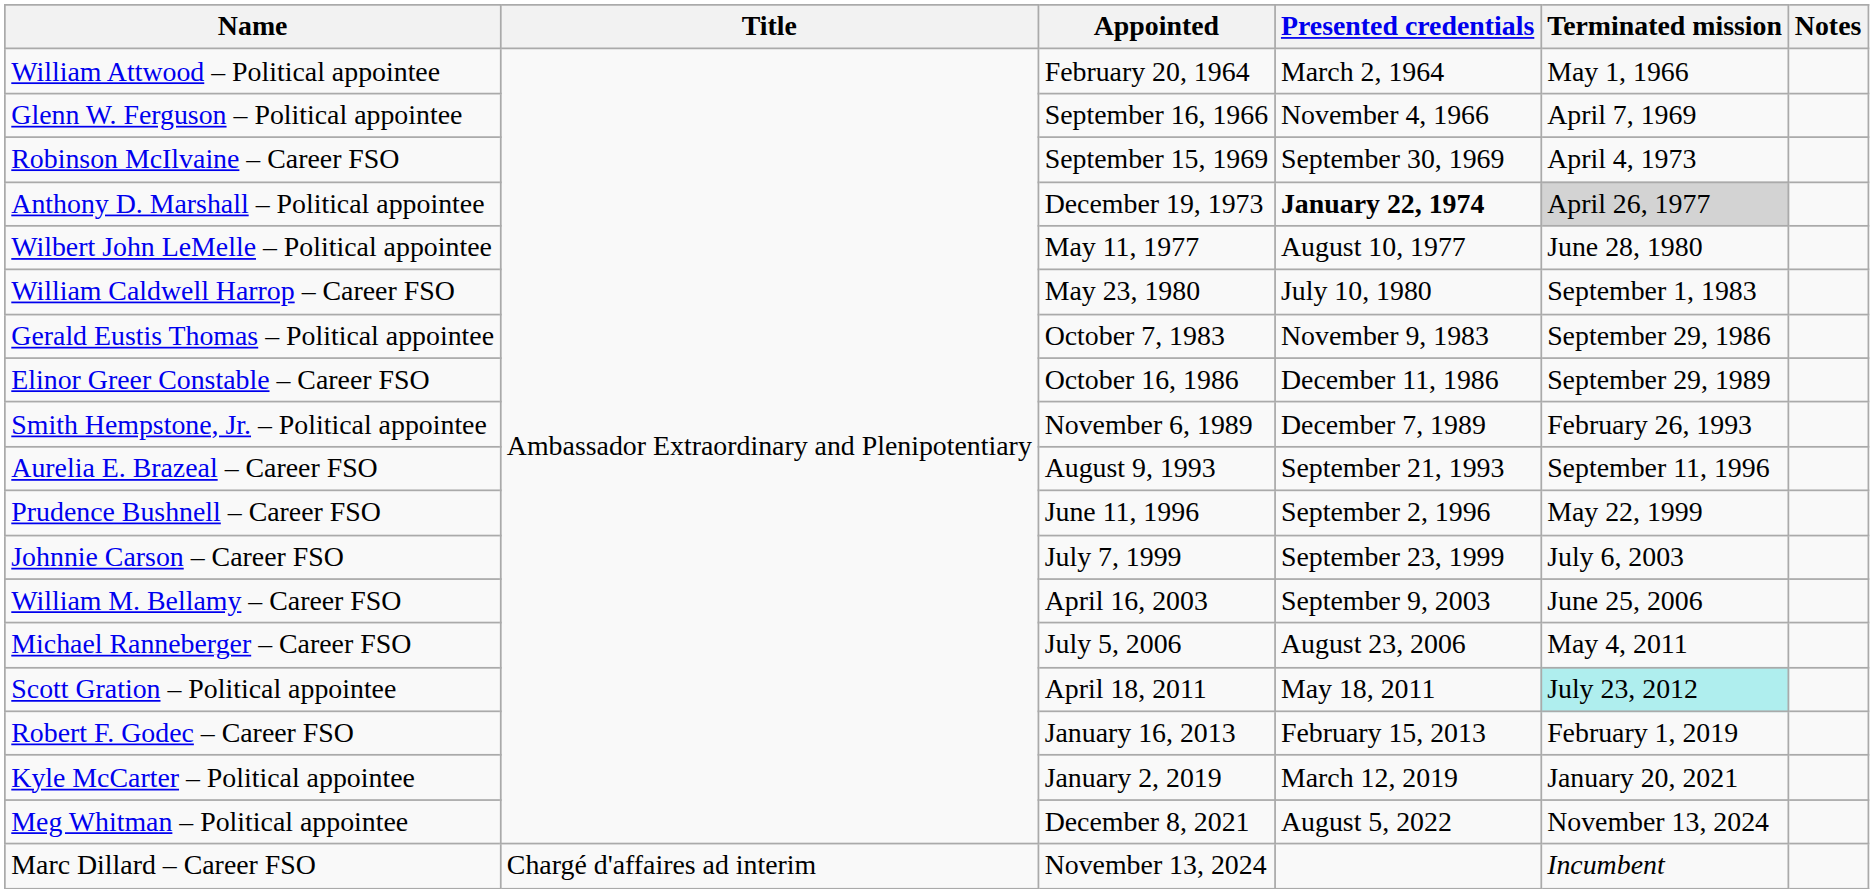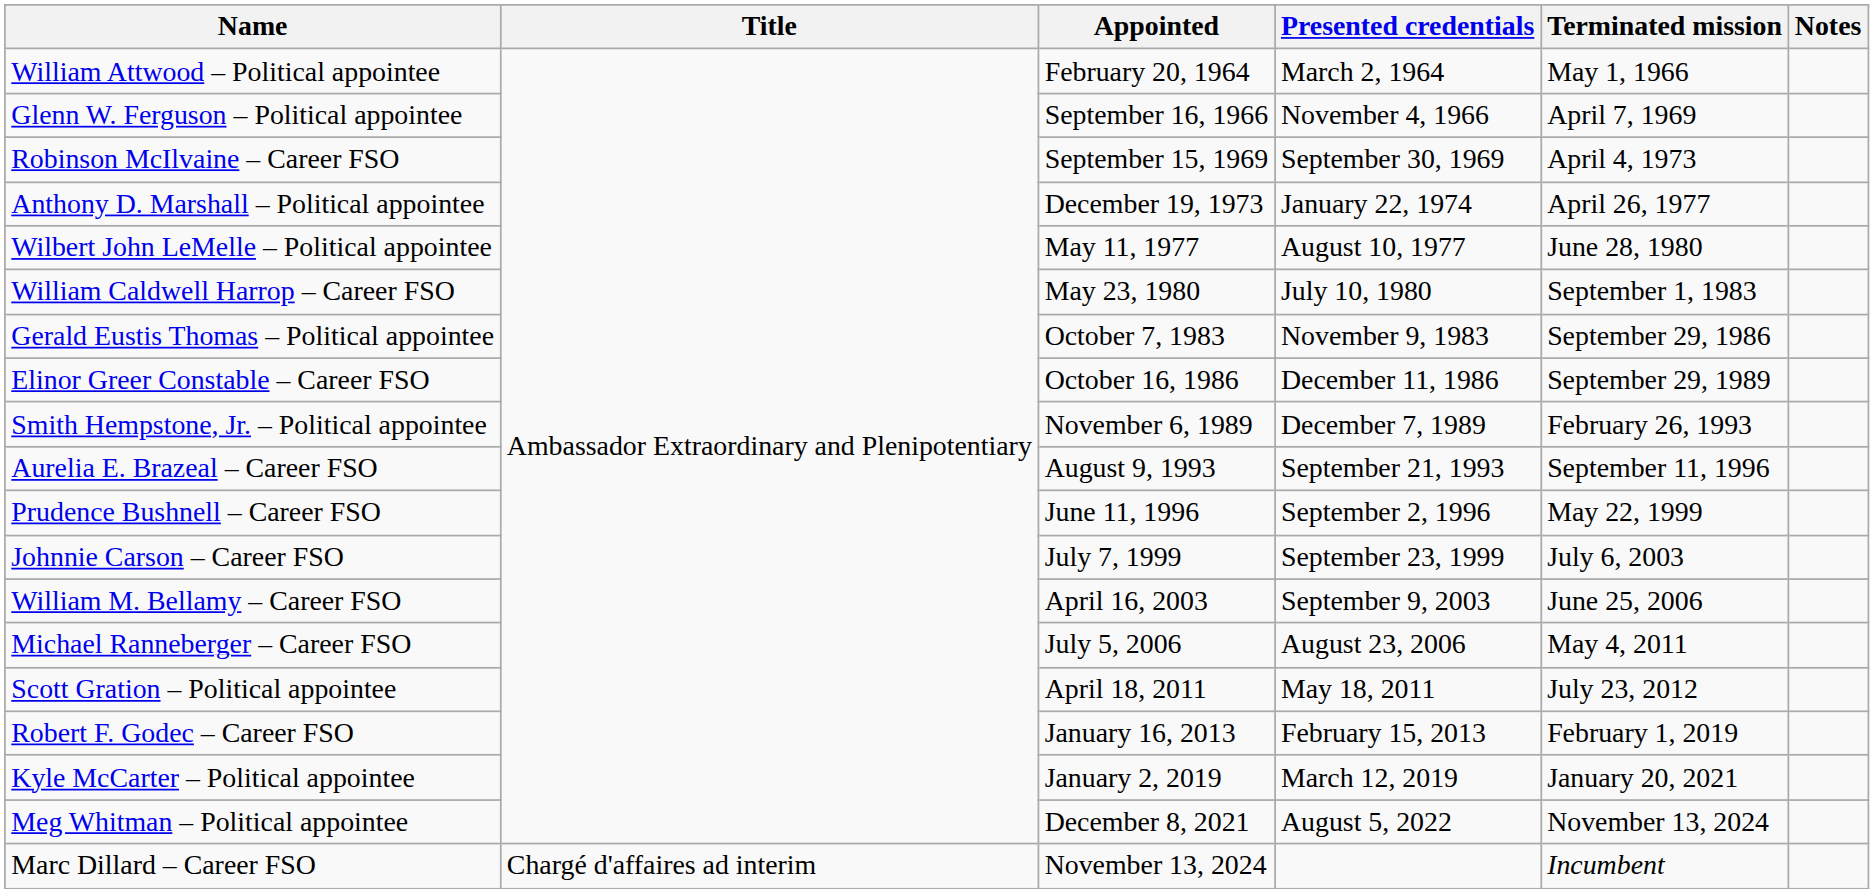 <table class="wikitable">
 <tr>
 <th>Name</th>
 <th>Title</th>
 <th>Appointed</th>
 <th><a href='#'>Presented credentials</a></th>
 <th>Terminated mission</th>
 <th>Notes</th>
 </tr>
 <tr>
 <td><a href='#'>William Attwood</a> – Political appointee</td>
 <td rowspan="18">Ambassador Extraordinary and Plenipotentiary</td>
 <td>February 20, 1964</td>
 <td>March 2, 1964</td>
 <td>May 1, 1966</td>
 <td></td>
 </tr>
 <tr>
 <td><a href='#'>Glenn W. Ferguson</a> – Political appointee</td>
 <td>September 16, 1966</td>
 <td>November 4, 1966</td>
 <td>April 7, 1969</td>
 <td></td>
 </tr>
 <tr>
 <td><a href='#'>Robinson McIlvaine</a> – Career FSO</td>
 <td>September 15, 1969</td>
 <td>September 30, 1969</td>
 <td>April 4, 1973</td>
 <td></td>
 </tr>
 <tr>
 <td><a href='#'>Anthony D. Marshall</a> – Political appointee</td>
 <td>December 19, 1973</td>
-<td><strong>January 22, 1974</strong></td>
-<td style="background: lightgrey;">April 26, 1977</td>
+<td>January 22, 1974</td>
+<td>April 26, 1977</td>
 <td></td>
 </tr>
 <tr>
 <td><a href='#'>Wilbert John LeMelle</a> – Political appointee</td>
 <td>May 11, 1977</td>
 <td>August 10, 1977</td>
 <td>June 28, 1980</td>
 <td></td>
 </tr>
 <tr>
 <td><a href='#'>William Caldwell Harrop</a> – Career FSO</td>
 <td>May 23, 1980</td>
 <td>July 10, 1980</td>
 <td>September 1, 1983</td>
 <td></td>
 </tr>
 <tr>
 <td><a href='#'>Gerald Eustis Thomas</a> – Political appointee</td>
 <td>October 7, 1983</td>
 <td>November 9, 1983</td>
 <td>September 29, 1986</td>
 <td></td>
 </tr>
 <tr>
 <td><a href='#'>Elinor Greer Constable</a> – Career FSO</td>
 <td>October 16, 1986</td>
 <td>December 11, 1986</td>
 <td>September 29, 1989</td>
 <td></td>
 </tr>
 <tr>
 <td><a href='#'>Smith Hempstone, Jr.</a> – Political appointee</td>
 <td>November 6, 1989</td>
 <td>December 7, 1989</td>
 <td>February 26, 1993</td>
 <td></td>
 </tr>
 <tr>
 <td><a href='#'>Aurelia E. Brazeal</a> – Career FSO</td>
 <td>August 9, 1993</td>
 <td>September 21, 1993</td>
 <td>September 11, 1996</td>
 <td></td>
 </tr>
 <tr>
 <td><a href='#'>Prudence Bushnell</a> – Career FSO</td>
 <td>June 11, 1996</td>
 <td>September 2, 1996</td>
 <td>May 22, 1999</td>
 <td></td>
 </tr>
 <tr>
 <td><a href='#'>Johnnie Carson</a> – Career FSO</td>
 <td>July 7, 1999</td>
 <td>September 23, 1999</td>
 <td>July 6, 2003</td>
 <td></td>
 </tr>
 <tr>
 <td><a href='#'>William M. Bellamy</a> – Career FSO</td>
 <td>April 16, 2003</td>
 <td>September 9, 2003</td>
 <td>June 25, 2006</td>
 <td></td>
 </tr>
 <tr>
 <td><a href='#'>Michael Ranneberger</a> – Career FSO</td>
 <td>July 5, 2006</td>
 <td>August 23, 2006</td>
 <td>May 4, 2011</td>
 <td></td>
 </tr>
 <tr>
 <td><a href='#'>Scott Gration</a> – Political appointee</td>
 <td>April 18, 2011</td>
 <td>May 18, 2011</td>
-<td style="background: paleturquoise;">July 23, 2012</td>
+<td>July 23, 2012</td>
 <td></td>
 </tr>
 <tr>
 <td><a href='#'>Robert F. Godec</a> – Career FSO</td>
 <td>January 16, 2013</td>
 <td>February 15, 2013</td>
 <td>February 1, 2019</td>
 <td></td>
 </tr>
 <tr>
 <td><a href='#'>Kyle McCarter</a> – Political appointee</td>
 <td>January 2, 2019</td>
 <td>March 12, 2019</td>
 <td>January 20, 2021</td>
 <td></td>
 </tr>
 <tr>
 <td><a href='#'>Meg Whitman</a> – Political appointee</td>
 <td>December 8, 2021</td>
 <td>August 5, 2022</td>
 <td>November 13, 2024</td>
 <td></td>
 </tr>
 <tr>
 <td>Marc Dillard – Career FSO</td>
 <td>Chargé d'affaires ad interim</td>
 <td>November 13, 2024</td>
 <td></td>
 <td><em>Incumbent</em></td>
 <td></td>
 </tr>
 </table>
